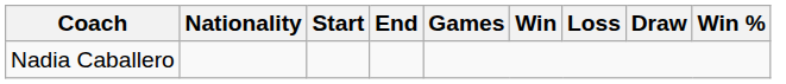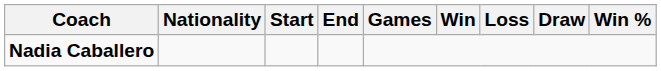 <table class="wikitable" style="text-align:center; margin-left: lem;">
 <tr>
 <th>Coach</th>
 <th>Nationality</th>
 <th>Start</th>
 <th>End</th>
 <th>Games</th>
 <th><strong>Win</strong></th>
 <th>Loss</th>
 <th>Draw</th>
 <th>Win %</th>
 </tr>
 <tr>
-<td>Nadia Caballero</td>
+<td><strong>Nadia Caballero</strong></td>
 <td></td>
 <td></td>
 <td><br></td>
 </tr>
 </table>
